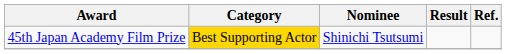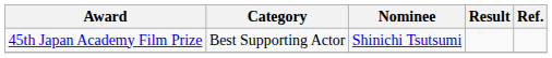 <table class="wikitable">
 <tr>
 <th>Award</th>
 <th>Category</th>
 <th>Nominee</th>
 <th>Result</th>
 <th>Ref.</th>
 </tr>
 <tr>
 <td><a href='#'>45th Japan Academy Film Prize</a></td>
-<td style="background: gold;">Best Supporting Actor</td>
+<td>Best Supporting Actor</td>
 <td><a href='#'>Shinichi Tsutsumi</a></td>
 <td></td>
 <td></td>
 </tr>
 <tr>
 </tr>
 </table>
